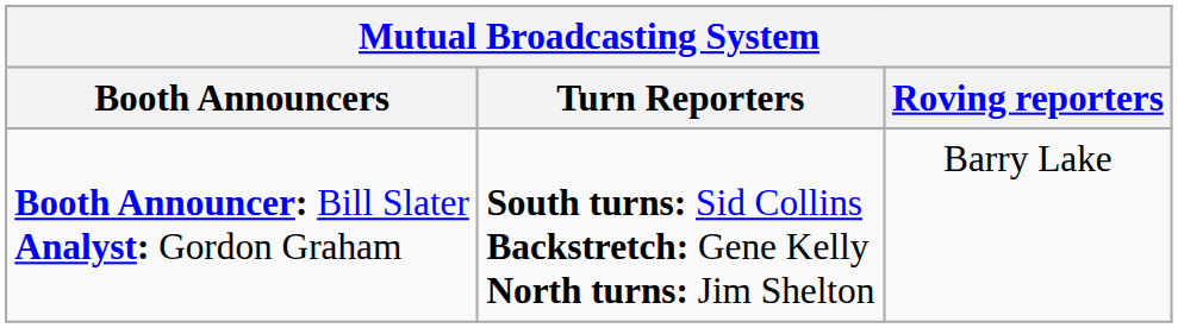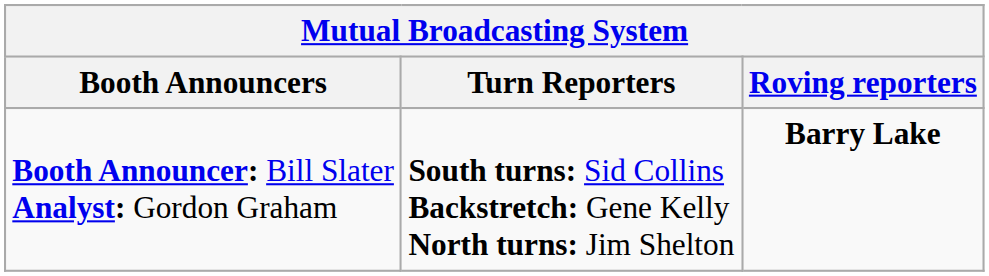 <table class="wikitable" style="font-size: 95%;">
 <tr>
 <th colspan=3><a href='#'>Mutual Broadcasting System</a></th>
 </tr>
 <tr>
 <th>Booth Announcers</th>
 <th>Turn Reporters</th>
 <th><a href='#'>Roving reporters</a></th>
 </tr>
 <tr>
 <td valign="top"><br><strong><a href='#'>Booth Announcer</a>:</strong> <a href='#'>Bill Slater</a><br> <strong><a href='#'>Analyst</a>:</strong> Gordon Graham<br></td>
 <td valign="top"><br><strong>South turns:</strong> <a href='#'>Sid Collins</a><br>     <strong>Backstretch:</strong> Gene Kelly<br> <strong>North turns:</strong> Jim Shelton<br></td>
-<td align="center" valign="top">Barry Lake<br></td>
+<td align="center" valign="top"><strong>Barry Lake<br></strong></td>
 </tr>
 </table>
